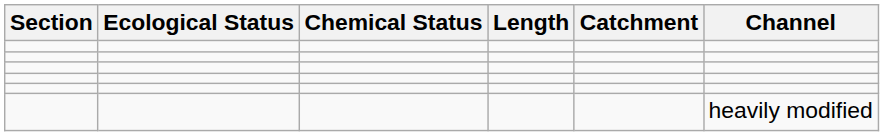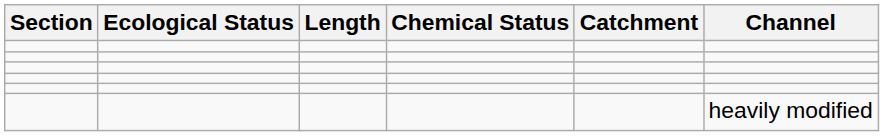 <table class="wikitable">
 <tr>
 <th>Section</th>
 <th>Ecological Status</th>
+<th>Length</th>
 <th>Chemical Status</th>
-<th>Length</th>
 <th>Catchment</th>
 <th>Channel</th>
 </tr>
 <tr>
 <td></td>
 <td></td>
 <td></td>
 <td></td>
 <td></td>
 <td></td>
 </tr>
 <tr>
 <td></td>
 <td></td>
 <td></td>
 <td></td>
 <td></td>
 <td></td>
 </tr>
 <tr>
 <td></td>
 <td></td>
 <td></td>
 <td></td>
 <td></td>
 <td></td>
 </tr>
 <tr>
 <td></td>
 <td></td>
 <td></td>
 <td></td>
 <td></td>
 <td></td>
 </tr>
 <tr>
 <td></td>
 <td></td>
 <td></td>
 <td></td>
 <td></td>
 <td></td>
 </tr>
 <tr>
 <td></td>
 <td></td>
 <td></td>
 <td></td>
 <td></td>
 <td>heavily modified</td>
 </tr>
 </table>
